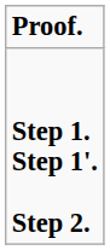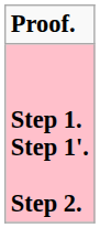 <table role="presentation" class="wikitable mw-collapsible mw-collapsed">
 <tr>
 <td><strong>Proof.</strong></td>
 </tr>
 <tr>
-<td><br><br><strong>Step 1.</strong><br><strong>Step 1'.</strong><br><br><strong>Step 2.</strong><br></td>
+<td style="background: pink;"><br><br><strong>Step 1.</strong><br><strong>Step 1'.</strong><br><br><strong>Step 2.</strong><br></td>
 </tr>
 </table>
